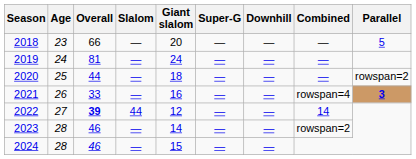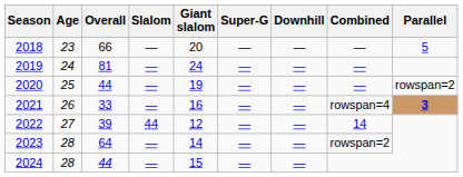 <table class=wikitable style="text-align:center">
 <tr>
 <th>Season</th>
 <th>Age</th>
 <th>Overall</th>
 <th>Slalom</th>
 <th>Giant<br>slalom</th>
 <th>Super-G</th>
 <th>Downhill</th>
 <th>Combined</th>
 <th>Parallel</th>
 </tr>
 <tr>
 <td><a href='#'>2018</a></td>
 <td><em>23</em></td>
 <td>66</td>
 <td>—</td>
 <td>20</td>
 <td>—</td>
 <td>—</td>
 <td>—</td>
 <td><a href='#'>5</a></td>
 </tr>
 <tr>
 <td><a href='#'>2019</a></td>
 <td><em>24</em></td>
 <td><a href='#'>81</a></td>
 <td><a href='#'>—</a></td>
 <td><a href='#'>24</a></td>
 <td><a href='#'>—</a></td>
 <td><a href='#'>—</a></td>
 <td><a href='#'>—</a></td>
 </tr>
 <tr>
 <td><a href='#'>2020</a></td>
 <td><em>25</em></td>
 <td><a href='#'>44</a></td>
 <td><a href='#'>—</a></td>
-<td><a href='#'>18</a></td>
+<td><a href='#'>19</a></td>
 <td><a href='#'>—</a></td>
 <td><a href='#'>—</a></td>
 <td><a href='#'>—</a></td>
 <td>rowspan=2 </td>
 </tr>
 <tr>
 <td><a href='#'>2021</a></td>
 <td><em>26</em></td>
 <td><a href='#'>33</a></td>
 <td><a href='#'>—</a></td>
 <td><a href='#'>16</a></td>
 <td><a href='#'>—</a></td>
 <td><a href='#'>—</a></td>
 <td>rowspan=4 </td>
 <td bgcolor="#c96"><strong><a href='#'>3</a></strong></td>
 </tr>
 <tr>
 <td><a href='#'>2022</a></td>
 <td><em>27</em></td>
-<td><strong><a href='#'>39</a></strong></td>
+<td><a href='#'>39</a></td>
 <td><a href='#'>44</a></td>
 <td><a href='#'>12</a></td>
 <td><a href='#'>—</a></td>
 <td><a href='#'>—</a></td>
 <td><a href='#'>14</a></td>
 </tr>
 <tr>
 <td><a href='#'>2023</a></td>
 <td><em>28</em></td>
-<td><a href='#'>46</a></td>
+<td><a href='#'>64</a></td>
 <td><a href='#'>—</a></td>
 <td><a href='#'>14</a></td>
 <td><a href='#'>—</a></td>
 <td><a href='#'>—</a></td>
 <td>rowspan=2 </td>
 </tr>
 <tr>
 <td><a href='#'>2024</a></td>
 <td><em>28</em></td>
-<td><a href='#'><em>46</em></a></td>
+<td><a href='#'><em>44</em></a></td>
 <td><a href='#'>—</a></td>
 <td><a href='#'>15</a></td>
 <td><a href='#'>—</a></td>
 <td><a href='#'>—</a></td>
 </tr>
 </table>
